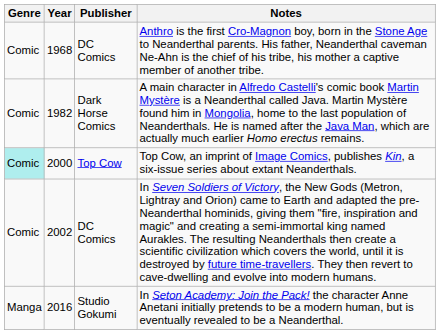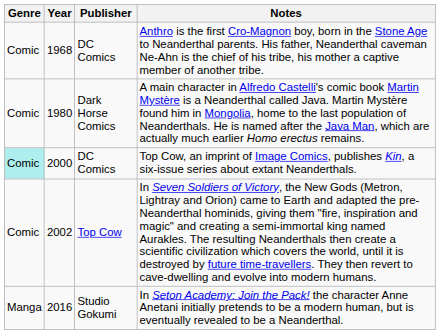 <table class="wikitable sortable mw-collapsible mw-collapsed">
 <tr>
 <th>Genre</th>
 <th>Year</th>
 <th>Publisher</th>
 <th>Notes</th>
 </tr>
 <tr>
 <td>Comic</td>
 <td>1968</td>
 <td>DC Comics</td>
 <td><a href='#'>Anthro</a> is the first <a href='#'>Cro-Magnon</a> boy, born in the <a href='#'>Stone Age</a> to Neanderthal parents. His father, Neanderthal caveman Ne-Ahn is the chief of his tribe, his mother a captive member of another tribe.</td>
 </tr>
 <tr>
 <td>Comic</td>
-<td>1982</td>
+<td>1980</td>
 <td>Dark Horse Comics</td>
 <td>A main character in <a href='#'>Alfredo Castelli</a>'s comic book <a href='#'>Martin Mystère</a> is a Neanderthal called Java. Martin Mystère found him in <a href='#'>Mongolia</a>, home to the last population of Neanderthals. He is named after the <a href='#'>Java Man</a>, which are actually much earlier <em>Homo erectus</em> remains.</td>
 </tr>
 <tr>
 <td style="background: paleturquoise;">Comic</td>
 <td>2000</td>
-<td><a href='#'>Top Cow</a></td>
+<td>DC Comics</td>
 <td>Top Cow, an imprint of <a href='#'>Image Comics</a>, publishes <em><a href='#'>Kin</a></em>, a six-issue series about extant Neanderthals.</td>
 </tr>
 <tr>
 <td>Comic</td>
 <td>2002</td>
-<td>DC Comics</td>
+<td><a href='#'>Top Cow</a></td>
 <td>In <em><a href='#'>Seven Soldiers of Victory</a></em>, the New Gods (Metron, Lightray and Orion) came to Earth and adapted the pre-Neanderthal hominids, giving them "fire, inspiration and magic" and creating a semi-immortal king named Aurakles. The resulting Neanderthals then create a scientific civilization which covers the world, until it is destroyed by <a href='#'>future time-travellers</a>. They then revert to cave-dwelling and evolve into modern humans.</td>
 </tr>
 <tr>
 <td>Manga</td>
 <td>2016</td>
 <td>Studio Gokumi</td>
 <td>In <em><a href='#'>Seton Academy: Join the Pack!</a></em> the character Anne Anetani initially pretends to be a modern human, but is eventually revealed to be a Neanderthal.</td>
 </tr>
 </table>
